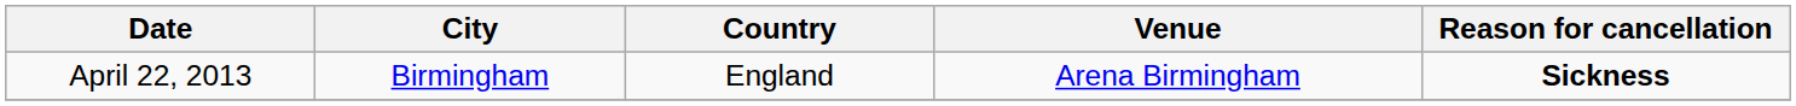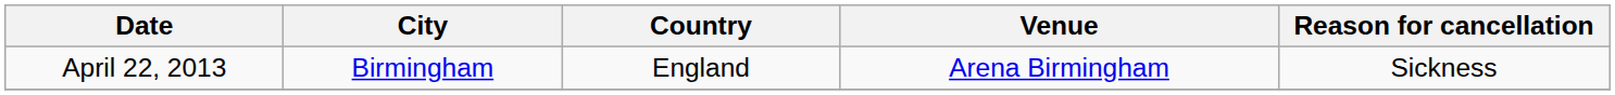 <table class="wikitable" style="text-align:center;">
 <tr>
 <th scope="col" style="width:10em;">Date</th>
 <th scope="col" style="width:10em;">City</th>
 <th scope="col" style="width:10em;">Country</th>
 <th scope="col" style="width:16em;">Venue</th>
 <th scope="col" style="width:12em;">Reason for cancellation</th>
 </tr>
 <tr>
 <td>April 22, 2013</td>
 <td><a href='#'>Birmingham</a></td>
 <td>England</td>
 <td><a href='#'>Arena Birmingham</a></td>
-<td><strong>Sickness</strong></td>
+<td>Sickness</td>
 </tr>
 <tr>
 </tr>
 </table>
